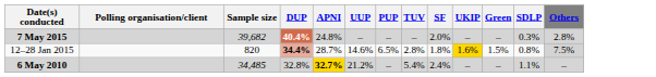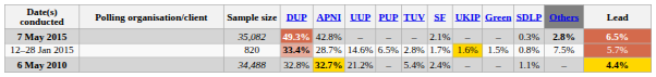 <table class="wikitable sortable" style="text-align:center;font-size:90%;line-height:14px">
 <tr>
 <th ! style="width:100px;">Date(s)<br>conducted</th>
 <th style="width:200px;">Polling organisation/client</th>
 <th class="unsortable" style="width:75px;">Sample size</th>
 <th class="unsortable" style="background:"><a href='#'><span>DUP</span></a></th>
 <th class="unsortable" style="background:"><a href='#'><span>APNI</span></a></th>
 <th class="unsortable" style="background:"><a href='#'><span>UUP</span></a></th>
 <th class="unsortable" style="background:"><a href='#'><span>PUP</span></a></th>
 <th class="unsortable" style="background:"><a href='#'><span>TUV</span></a></th>
 <th class="unsortable" style="background:"><a href='#'><span>SF</span></a></th>
 <th class="unsortable" style="background:"><a href='#'><span>UKIP</span></a></th>
 <th class="unsortable" style="background:"><a href='#'><span>Green</span></a></th>
 <th class="unsortable" style="background:"><a href='#'><span>SDLP</span></a></th>
 <th class="unsortable" style="background:gray; width:50px;"><a href='#'><span>Others</span></a></th>
+<th class="unsortable" style="width:90px;">Lead</th>
 </tr>
 <tr>
 <td style="background:#D5D5D5"><strong>7 May 2015</strong></td>
 <td style="background:#D5D5D5"></td>
-<td style="background:#D5D5D5"><em>39,682</em></td>
-<td style="background:#D46A4C; color:White;"><strong>40.4%</strong></td>
-<td style="background:#D5D5D5">24.8%</td>
+<td style="background:#D5D5D5"><em>35,082</em></td>
+<td style="background:#D46A4C; color:White;"><strong>49.3%</strong></td>
+<td style="background:#D5D5D5">42.8%</td>
 <td style="background:#D5D5D5">–</td>
 <td style="background:#D5D5D5">–</td>
 <td style="background:#D5D5D5">–</td>
-<td style="background:#D5D5D5">2.0%</td>
+<td style="background:#D5D5D5">2.1%</td>
 <td style="background:#D5D5D5">–</td>
 <td style="background:#D5D5D5">–</td>
 <td style="background:#D5D5D5">0.3%</td>
-<td style="background:#D5D5D5">2.8%</td>
+<td style="background:#D5D5D5"><strong>2.8%</strong></td>
+<td style="background:#D46A4C; color:White;"><strong>6.5% </strong></td>
 </tr>
 <tr>
 <td>12–28 Jan 2015</td>
 <td></td>
 <td>820</td>
-<td style="background:#E8AC9C"><strong>34.4%</strong></td>
+<td style="background:#E8AC9C"><strong>33.4%</strong></td>
 <td>28.7%</td>
 <td>14.6%</td>
 <td>6.5%</td>
 <td>2.8%</td>
-<td>1.8%</td>
+<td>1.7%</td>
 <td style="background: gold;">1.6%</td>
 <td>1.5%</td>
 <td>0.8%</td>
-<td style="background: lightgrey;">7.5%</td>
+<td>7.5%</td>
+<td style="background:#D46A4C; color:White;">5.7%</td>
 </tr>
 <tr>
 <td style="background:#D5D5D5"><strong>6 May 2010</strong></td>
 <td style="background:#D5D5D5"></td>
-<td style="background:#D5D5D5"><em>34,485</em></td>
+<td style="background:#D5D5D5"><em>34,488</em></td>
 <td style="background:#D5D5D5">32.8%</td>
 <td style="background:#FFD700; color:Black;"><strong>32.7%</strong></td>
 <td style="background:#D5D5D5">21.2%</td>
 <td style="background:#D5D5D5">–</td>
 <td style="background:#D5D5D5">5.4%</td>
 <td style="background:#D5D5D5">2.4%</td>
 <td style="background:#D5D5D5">–</td>
 <td style="background:#D5D5D5">–</td>
 <td style="background:#D5D5D5">1.1%</td>
 <td style="background:#D5D5D5">–</td>
+<td style="background:#FFD700; color:Black;"><strong>4.4% </strong></td>
 </tr>
 </table>
